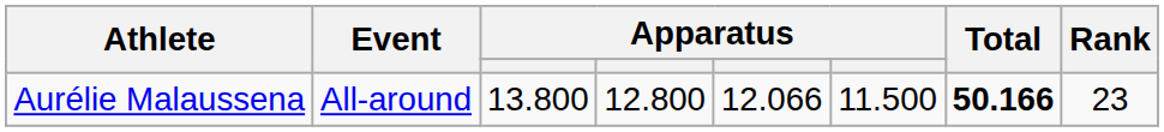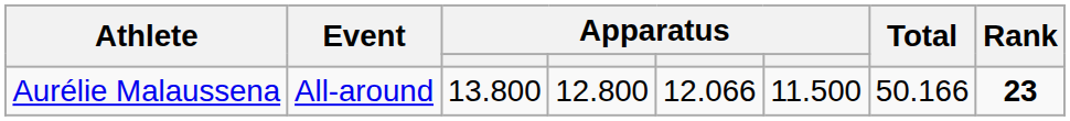 <table class="wikitable" style="font-size:90%">
 <tr>
 <th rowspan=2>Athlete</th>
 <th rowspan=2>Event</th>
 <th colspan =4>Apparatus</th>
 <th rowspan=2>Total</th>
 <th rowspan=2>Rank</th>
 </tr>
 <tr style="font-size:95%">
 <th></th>
 <th></th>
 <th></th>
 <th></th>
 </tr>
 <tr align=center>
 <td align=left><a href='#'>Aurélie Malaussena</a></td>
 <td align=left><a href='#'>All-around</a></td>
 <td>13.800</td>
 <td>12.800</td>
 <td>12.066</td>
 <td>11.500</td>
-<td><strong>50.166</strong></td>
-<td>23</td>
+<td>50.166</td>
+<td><strong>23</strong></td>
 </tr>
 </table>
